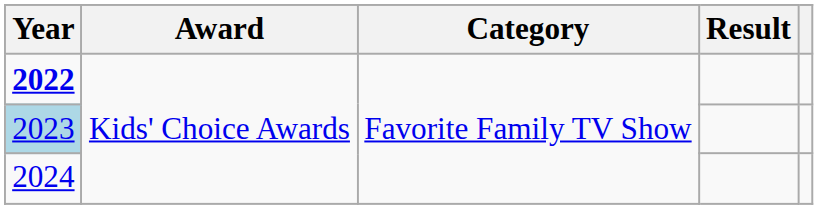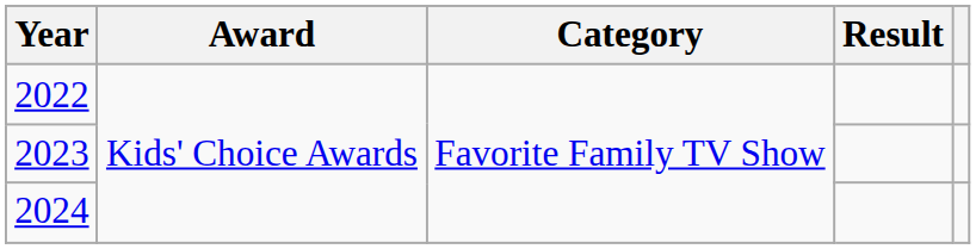 <table class="wikitable">
 <tr>
 <th>Year</th>
 <th>Award</th>
 <th>Category</th>
 <th>Result</th>
 <th></th>
 </tr>
 <tr>
-<td><strong><a href='#'>2022</a></strong></td>
+<td><a href='#'>2022</a></td>
 <td rowspan="3"><a href='#'>Kids' Choice Awards</a></td>
 <td rowspan="3"><a href='#'>Favorite Family TV Show</a></td>
 <td></td>
 <td style="text-align:center;"></td>
 </tr>
 <tr>
-<td style="background: lightblue;"><a href='#'>2023</a></td>
+<td><a href='#'>2023</a></td>
 <td></td>
 <td style="text-align:center;"></td>
 </tr>
 <tr>
 <td><a href='#'>2024</a></td>
 <td></td>
 <td style="text-align:center;"></td>
 </tr>
 </table>
